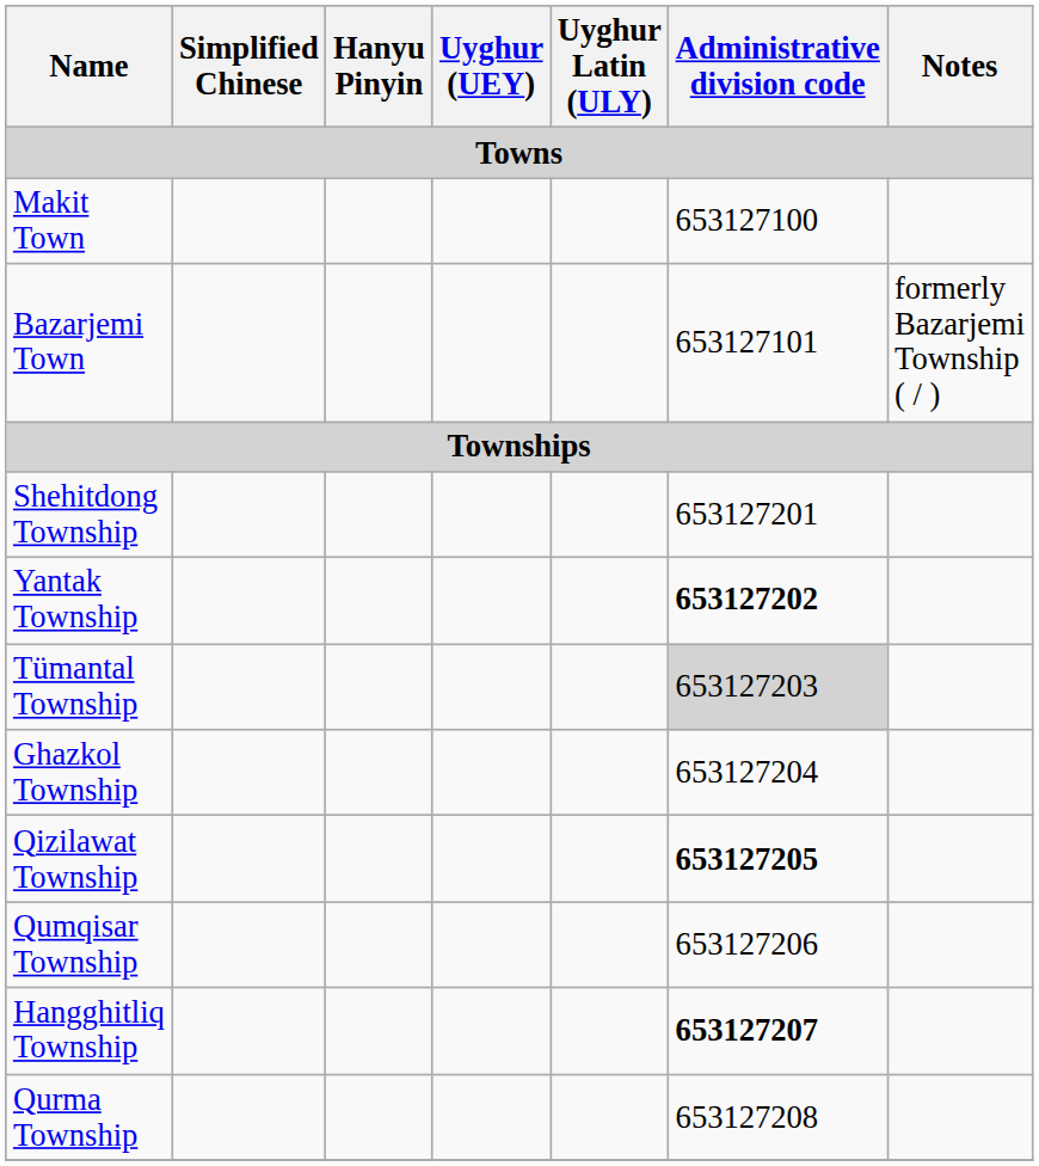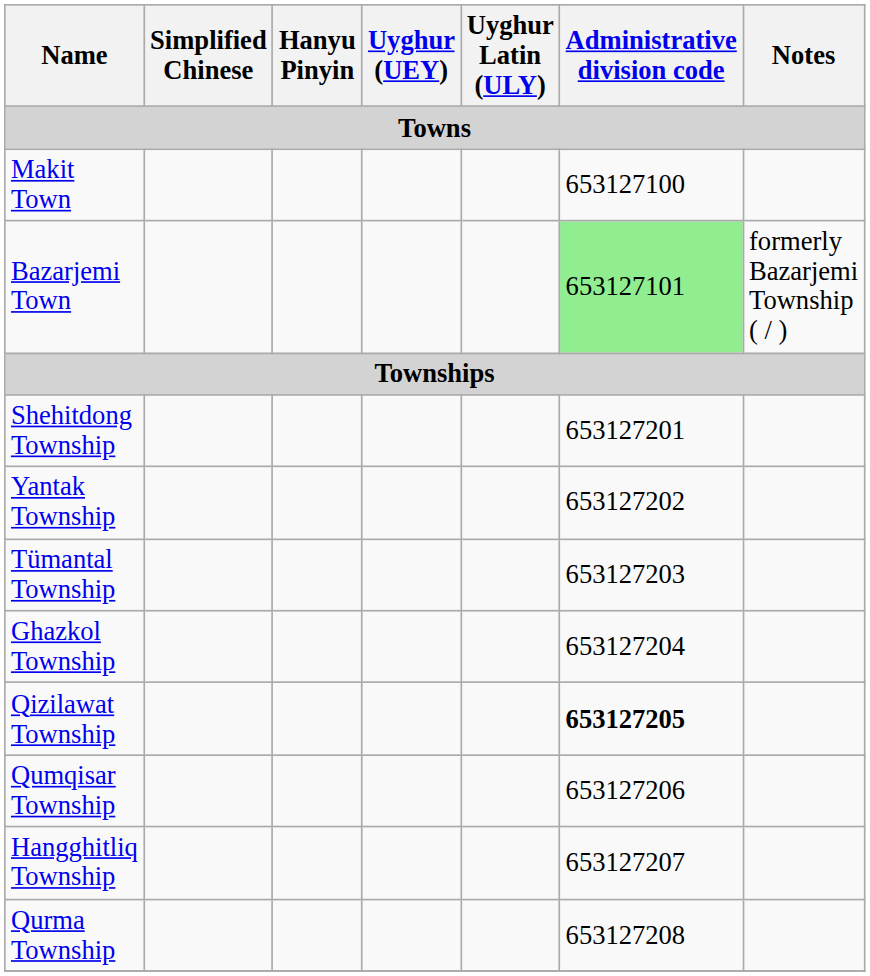 <table class="wikitable" align="center" style="width:50%; border="1">
 <tr>
 <th>Name</th>
 <th>Simplified Chinese</th>
 <th>Hanyu Pinyin</th>
 <th><a href='#'>Uyghur</a> (<a href='#'>UEY</a>)</th>
 <th>Uyghur Latin (<a href='#'>ULY</a>)</th>
 <th><a href='#'>Administrative division code</a></th>
 <th>Notes</th>
 </tr>
 <tr>
 <td colspan="8"  style="text-align:center; background:#d3d3d3;"><strong>Towns</strong></td>
 </tr>
 <tr --------->
 <td><a href='#'>Makit Town</a></td>
 <td></td>
 <td></td>
 <td></td>
 <td></td>
 <td>653127100</td>
 <td></td>
 </tr>
 <tr>
 <td><a href='#'>Bazarjemi Town</a></td>
 <td></td>
 <td></td>
 <td></td>
 <td></td>
-<td>653127101</td>
+<td style="background: lightgreen;">653127101</td>
 <td>formerly Bazarjemi Township ( / )</td>
 </tr>
 <tr --------->
 <td colspan="8"  style="text-align:center; background:#d3d3d3;"><strong>Townships</strong></td>
 </tr>
 <tr --------->
 <td><a href='#'>Shehitdong Township</a></td>
 <td></td>
 <td></td>
 <td></td>
 <td></td>
 <td>653127201</td>
 <td></td>
 </tr>
 <tr>
 <td><a href='#'>Yantak Township</a></td>
 <td></td>
 <td></td>
 <td></td>
 <td></td>
-<td><strong>653127202</strong></td>
+<td>653127202</td>
 <td></td>
 </tr>
 <tr>
 <td><a href='#'>Tümantal Township</a></td>
 <td></td>
 <td></td>
 <td></td>
 <td></td>
-<td style="background: lightgrey;">653127203</td>
+<td>653127203</td>
 <td></td>
 </tr>
 <tr>
 <td><a href='#'>Ghazkol Township</a></td>
 <td></td>
 <td></td>
 <td></td>
 <td></td>
 <td>653127204</td>
 <td></td>
 </tr>
 <tr>
 <td><a href='#'>Qizilawat Township</a></td>
 <td></td>
 <td></td>
 <td></td>
 <td></td>
 <td><strong>653127205</strong></td>
 <td></td>
 </tr>
 <tr>
 <td><a href='#'>Qumqisar Township</a></td>
 <td></td>
 <td></td>
 <td></td>
 <td></td>
 <td>653127206</td>
 <td></td>
 </tr>
 <tr>
 <td><a href='#'>Hangghitliq Township</a></td>
 <td></td>
 <td></td>
 <td></td>
 <td></td>
-<td><strong>653127207</strong></td>
+<td>653127207</td>
 <td></td>
 </tr>
 <tr>
 <td><a href='#'>Qurma Township</a></td>
 <td></td>
 <td></td>
 <td></td>
 <td></td>
 <td>653127208</td>
 <td></td>
 </tr>
 <tr>
 </tr>
 </table>
